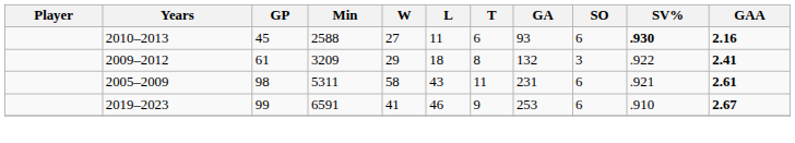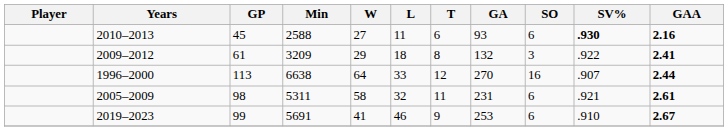 <table class="wikitable sortable" width = 900>
 <tr>
 <th>Player</th>
 <th>Years</th>
 <th>GP</th>
 <th>Min</th>
 <th>W</th>
 <th>L</th>
 <th>T</th>
 <th>GA</th>
 <th>SO</th>
 <th>SV%</th>
 <th>GAA</th>
 </tr>
 <tr>
 <td></td>
 <td>2010–2013</td>
 <td>45</td>
 <td>2588</td>
 <td>27</td>
 <td>11</td>
 <td>6</td>
 <td>93</td>
 <td>6</td>
 <td><strong>.930</strong></td>
 <td><strong>2.16</strong></td>
 </tr>
 <tr>
 <td></td>
 <td>2009–2012</td>
 <td>61</td>
 <td>3209</td>
 <td>29</td>
 <td>18</td>
 <td>8</td>
 <td>132</td>
 <td>3</td>
 <td>.922</td>
 <td><strong>2.41</strong></td>
 </tr>
 <tr>
 <td></td>
+<td>1996–2000</td>
+<td>113</td>
+<td>6638</td>
+<td>64</td>
+<td>33</td>
+<td>12</td>
+<td>270</td>
+<td>16</td>
+<td>.907</td>
+<td><strong>2.44</strong></td>
+</tr>
+<tr>
+<td></td>
 <td>2005–2009</td>
 <td>98</td>
 <td>5311</td>
 <td>58</td>
-<td>43</td>
+<td>32</td>
 <td>11</td>
 <td>231</td>
 <td>6</td>
 <td>.921</td>
 <td><strong>2.61</strong></td>
 </tr>
 <tr>
 <td></td>
 <td>2019–2023</td>
 <td>99</td>
-<td>6591</td>
+<td>5691</td>
 <td>41</td>
 <td>46</td>
 <td>9</td>
 <td>253</td>
 <td>6</td>
 <td>.910</td>
 <td><strong>2.67</strong></td>
 </tr>
 <tr>
 </tr>
 </table>
